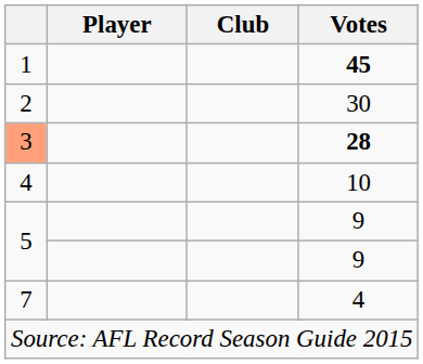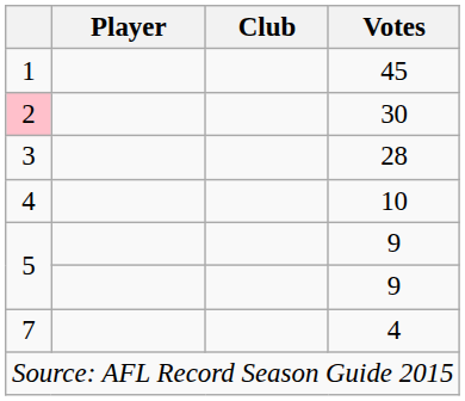 <table class="wikitable sortable" style="text-align:center">
 <tr>
 <th></th>
 <th>Player</th>
 <th>Club</th>
 <th>Votes</th>
 </tr>
 <tr>
 <td>1</td>
 <td></td>
 <td></td>
-<td><strong>45</strong></td>
+<td>45</td>
 </tr>
 <tr>
-<td>2</td>
+<td style="background: pink;">2</td>
 <td></td>
 <td></td>
 <td>30</td>
 </tr>
 <tr>
-<td style="background: lightsalmon;">3</td>
+<td>3</td>
 <td></td>
 <td></td>
-<td><strong>28</strong></td>
+<td>28</td>
 </tr>
 <tr>
 <td>4</td>
 <td></td>
 <td></td>
 <td>10</td>
 </tr>
 <tr>
 <td rowspan=2>5</td>
 <td></td>
 <td></td>
 <td>9</td>
 </tr>
 <tr>
 <td></td>
 <td></td>
 <td>9</td>
 </tr>
 <tr>
 <td>7</td>
 <td></td>
 <td></td>
 <td>4</td>
 </tr>
 <tr class="sortbottom">
 <td colspan=4><em>Source: AFL Record Season Guide 2015</em></td>
 </tr>
 </table>
